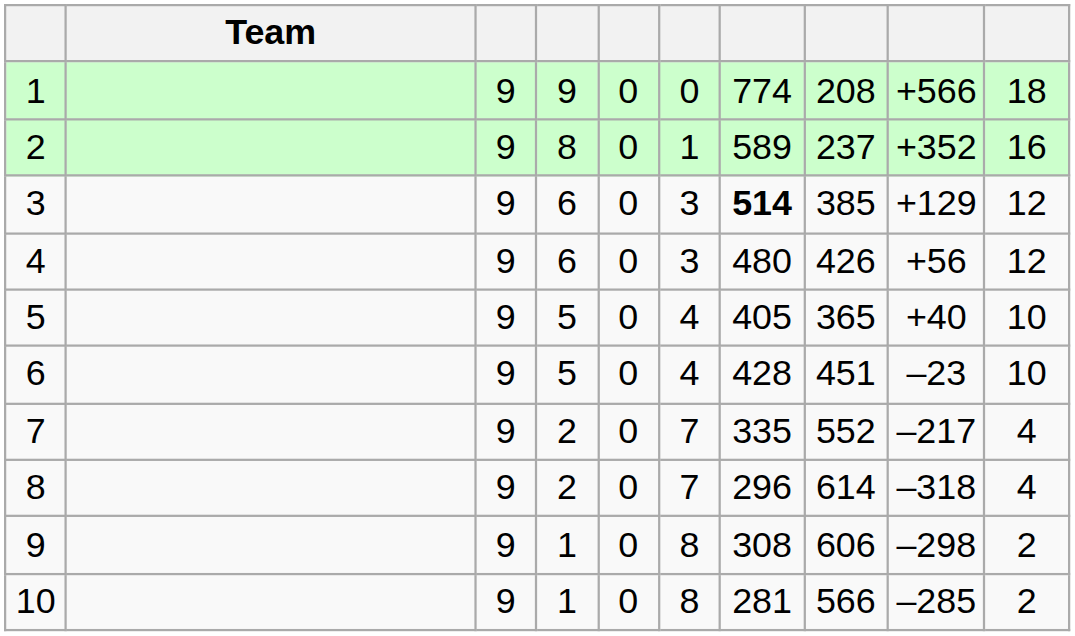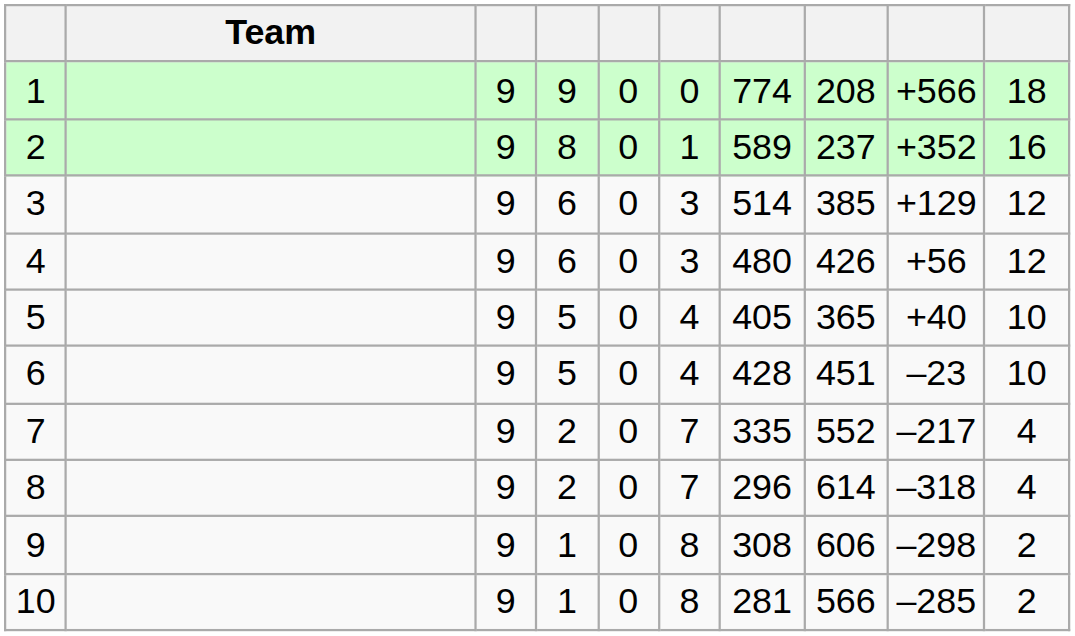 <table class=wikitable style=text-align:center>
 <tr>
 <th width=20 abbr=Position></th>
 <th width=175>Team</th>
 <th width=20 abbr=Played></th>
 <th width=20 abbr=Won></th>
 <th width=20 abbr=Drawn></th>
 <th width=20 abbr=Lost></th>
 <th width=30 abbr=Goal for></th>
 <th width=30 abbr=Goal against></th>
 <th width=30 abbr=Goal difference></th>
 <th width=30 abbr=Points></th>
 </tr>
 <tr bgcolor=#CCFFCC>
 <td>1</td>
 <td align=left></td>
 <td>9</td>
 <td>9</td>
 <td>0</td>
 <td>0</td>
 <td>774</td>
 <td>208</td>
 <td>+566</td>
 <td>18</td>
 </tr>
 <tr bgcolor=#CCFFCC>
 <td>2</td>
 <td align=left></td>
 <td>9</td>
 <td>8</td>
 <td>0</td>
 <td>1</td>
 <td>589</td>
 <td>237</td>
 <td>+352</td>
 <td>16</td>
 </tr>
 <tr>
 <td>3</td>
 <td align=left></td>
 <td>9</td>
 <td>6</td>
 <td>0</td>
 <td>3</td>
-<td><strong>514</strong></td>
+<td>514</td>
 <td>385</td>
 <td>+129</td>
 <td>12</td>
 </tr>
 <tr>
 <td>4</td>
 <td align=left></td>
 <td>9</td>
 <td>6</td>
 <td>0</td>
 <td>3</td>
 <td>480</td>
 <td>426</td>
 <td>+56</td>
 <td>12</td>
 </tr>
 <tr>
 <td>5</td>
 <td align=left></td>
 <td>9</td>
 <td>5</td>
 <td>0</td>
 <td>4</td>
 <td>405</td>
 <td>365</td>
 <td>+40</td>
 <td>10</td>
 </tr>
 <tr>
 <td>6</td>
 <td align=left></td>
 <td>9</td>
 <td>5</td>
 <td>0</td>
 <td>4</td>
 <td>428</td>
 <td>451</td>
 <td>–23</td>
 <td>10</td>
 </tr>
 <tr>
 <td>7</td>
 <td align=left></td>
 <td>9</td>
 <td>2</td>
 <td>0</td>
 <td>7</td>
 <td>335</td>
 <td>552</td>
 <td>–217</td>
 <td>4</td>
 </tr>
 <tr>
 <td>8</td>
 <td align=left></td>
 <td>9</td>
 <td>2</td>
 <td>0</td>
 <td>7</td>
 <td>296</td>
 <td>614</td>
 <td>–318</td>
 <td>4</td>
 </tr>
 <tr>
 <td>9</td>
 <td align=left></td>
 <td>9</td>
 <td>1</td>
 <td>0</td>
 <td>8</td>
 <td>308</td>
 <td>606</td>
 <td>–298</td>
 <td>2</td>
 </tr>
 <tr>
 <td>10</td>
 <td align=left></td>
 <td>9</td>
 <td>1</td>
 <td>0</td>
 <td>8</td>
 <td>281</td>
 <td>566</td>
 <td>–285</td>
 <td>2</td>
 </tr>
 </table>
